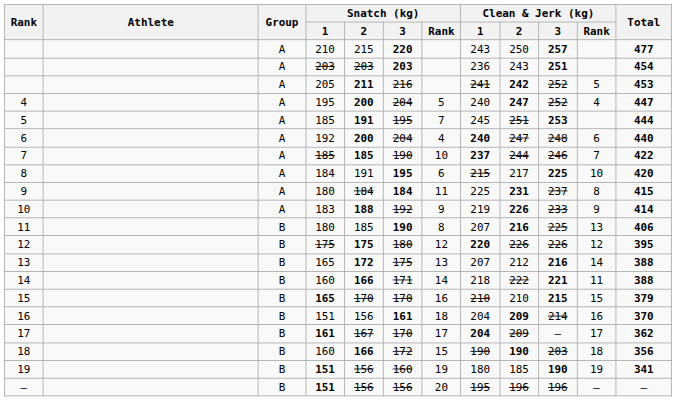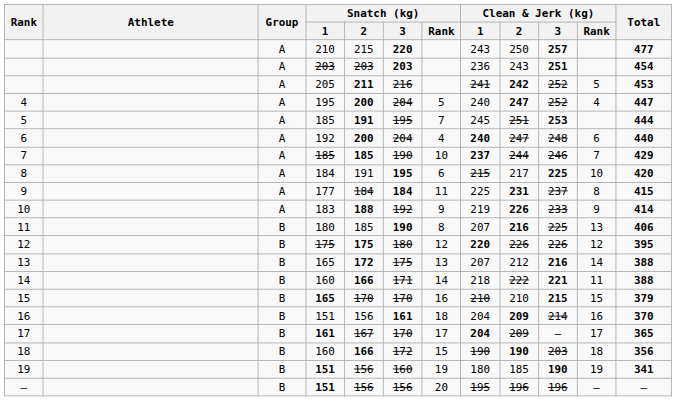 <table class = "wikitable" style="text-align:center;">
 <tr>
 <th rowspan=2 width=40>Rank</th>
 <th rowspan=2 width=250>Athlete</th>
 <th rowspan=2 width=50>Group</th>
 <th colspan=4>Snatch (kg)</th>
 <th colspan=4>Clean & Jerk (kg)</th>
 <th rowspan=2 width=60>Total</th>
 </tr>
 <tr>
 <th width=40>1</th>
 <th width=40>2</th>
 <th width=40>3</th>
 <th width=40>Rank</th>
 <th width=40>1</th>
 <th width=40>2</th>
 <th width=40>3</th>
 <th width=40>Rank</th>
 </tr>
 <tr>
 <td></td>
 <td align="left"></td>
 <td>A</td>
 <td>210</td>
 <td>215</td>
 <td><strong>220</strong></td>
 <td></td>
 <td>243</td>
 <td>250</td>
 <td><strong>257</strong></td>
 <td></td>
 <td><strong>477</strong></td>
 </tr>
 <tr>
 <td></td>
 <td align="left"></td>
 <td>A</td>
 <td><s>203</s></td>
 <td><s>203</s></td>
 <td><strong>203</strong></td>
 <td></td>
 <td>236</td>
 <td>243</td>
 <td><strong>251</strong></td>
 <td></td>
 <td><strong>454</strong></td>
 </tr>
 <tr>
 <td></td>
 <td align="left"></td>
 <td>A</td>
 <td>205</td>
 <td><strong>211</strong></td>
 <td><s>216</s></td>
 <td></td>
 <td><s>241</s></td>
 <td><strong>242</strong></td>
 <td><s>252</s></td>
 <td>5</td>
 <td><strong>453</strong></td>
 </tr>
 <tr>
 <td>4</td>
 <td align="left"></td>
 <td>A</td>
 <td>195</td>
 <td><strong>200</strong></td>
 <td><s>204</s></td>
 <td>5</td>
 <td>240</td>
 <td><strong>247</strong></td>
 <td><s>252</s></td>
 <td>4</td>
 <td><strong>447</strong></td>
 </tr>
 <tr>
 <td>5</td>
 <td align="left"></td>
 <td>A</td>
 <td>185</td>
 <td><strong>191</strong></td>
 <td><s>195</s></td>
 <td>7</td>
 <td>245</td>
 <td><s>251</s></td>
 <td><strong>253</strong></td>
 <td></td>
 <td><strong>444</strong></td>
 </tr>
 <tr>
 <td>6</td>
 <td align="left"></td>
 <td>A</td>
 <td>192</td>
 <td><strong>200</strong></td>
 <td><s>204</s></td>
 <td>4</td>
 <td><strong>240</strong></td>
 <td><s>247</s></td>
 <td><s>248</s></td>
 <td>6</td>
 <td><strong>440</strong></td>
 </tr>
 <tr>
 <td>7</td>
 <td align="left"></td>
 <td>A</td>
 <td><s>185</s></td>
 <td><strong>185</strong></td>
 <td><s>190</s></td>
 <td>10</td>
 <td><strong>237</strong></td>
 <td><s>244</s></td>
 <td><s>246</s></td>
 <td>7</td>
-<td><strong>422</strong></td>
+<td><strong>429</strong></td>
 </tr>
 <tr>
 <td>8</td>
 <td align="left"></td>
 <td>A</td>
 <td>184</td>
 <td>191</td>
 <td><strong>195</strong></td>
 <td>6</td>
 <td><s>215</s></td>
 <td>217</td>
 <td><strong>225</strong></td>
 <td>10</td>
 <td><strong>420</strong></td>
 </tr>
 <tr>
 <td>9</td>
 <td align="left"></td>
 <td>A</td>
-<td>180</td>
+<td>177</td>
 <td><s>184</s></td>
 <td><strong>184</strong></td>
 <td>11</td>
 <td>225</td>
 <td><strong>231</strong></td>
 <td><s>237</s></td>
 <td>8</td>
 <td><strong>415</strong></td>
 </tr>
 <tr>
 <td>10</td>
 <td align="left"></td>
 <td>A</td>
 <td>183</td>
 <td><strong>188</strong></td>
 <td><s>192</s></td>
 <td>9</td>
 <td>219</td>
 <td><strong>226</strong></td>
 <td><s>233</s></td>
 <td>9</td>
 <td><strong>414</strong></td>
 </tr>
 <tr>
 <td>11</td>
 <td align="left"></td>
 <td>B</td>
 <td>180</td>
 <td>185</td>
 <td><strong>190</strong></td>
 <td>8</td>
 <td>207</td>
 <td><strong>216</strong></td>
 <td><s>225</s></td>
 <td>13</td>
 <td><strong>406</strong></td>
 </tr>
 <tr>
 <td>12</td>
 <td align="left"></td>
 <td>B</td>
 <td><s>175</s></td>
 <td><strong>175</strong></td>
 <td><s>180</s></td>
 <td>12</td>
 <td><strong>220</strong></td>
 <td><s>226</s></td>
 <td><s>226</s></td>
 <td>12</td>
 <td><strong>395</strong></td>
 </tr>
 <tr>
 <td>13</td>
 <td align="left"></td>
 <td>B</td>
 <td>165</td>
 <td><strong>172</strong></td>
 <td><s>175</s></td>
 <td>13</td>
 <td>207</td>
 <td>212</td>
 <td><strong>216</strong></td>
 <td>14</td>
 <td><strong>388</strong></td>
 </tr>
 <tr>
 <td>14</td>
 <td align="left"></td>
 <td>B</td>
 <td>160</td>
 <td><strong>166</strong></td>
 <td><s>171</s></td>
 <td>14</td>
 <td>218</td>
 <td><s>222</s></td>
 <td><strong>221</strong></td>
 <td>11</td>
 <td><strong>388</strong></td>
 </tr>
 <tr>
 <td>15</td>
 <td align="left"></td>
 <td>B</td>
 <td><strong>165</strong></td>
 <td><s>170</s></td>
 <td><s>170</s></td>
 <td>16</td>
 <td><s>210</s></td>
 <td>210</td>
 <td><strong>215</strong></td>
 <td>15</td>
 <td><strong>379</strong></td>
 </tr>
 <tr>
 <td>16</td>
 <td align="left"></td>
 <td>B</td>
 <td>151</td>
 <td>156</td>
 <td><strong>161</strong></td>
 <td>18</td>
 <td>204</td>
 <td><strong>209</strong></td>
 <td><s>214</s></td>
 <td>16</td>
 <td><strong>370</strong></td>
 </tr>
 <tr>
 <td>17</td>
 <td align="left"></td>
 <td>B</td>
 <td><strong>161</strong></td>
 <td><s>167</s></td>
 <td><s>170</s></td>
 <td>17</td>
 <td><strong>204</strong></td>
 <td><s>209</s></td>
 <td>—</td>
 <td>17</td>
-<td><strong>362</strong></td>
+<td><strong>365</strong></td>
 </tr>
 <tr>
 <td>18</td>
 <td align="left"></td>
 <td>B</td>
 <td>160</td>
 <td><strong>166</strong></td>
 <td><s>172</s></td>
 <td>15</td>
 <td><s>190</s></td>
 <td><strong>190</strong></td>
 <td><s>203</s></td>
 <td>18</td>
 <td><strong>356</strong></td>
 </tr>
 <tr>
 <td>19</td>
 <td align="left"></td>
 <td>B</td>
 <td><strong>151</strong></td>
 <td><s>156</s></td>
 <td><s>160</s></td>
 <td>19</td>
 <td>180</td>
 <td>185</td>
 <td><strong>190</strong></td>
 <td>19</td>
 <td><strong>341</strong></td>
 </tr>
 <tr>
 <td>—</td>
 <td align=left></td>
 <td>B</td>
 <td><strong>151</strong></td>
 <td><s>156</s></td>
 <td><s>156</s></td>
 <td>20</td>
 <td><s>195</s></td>
 <td><s>196</s></td>
 <td><s>196</s></td>
 <td>—</td>
 <td>—</td>
 </tr>
 </table>
